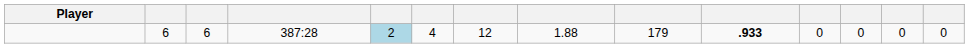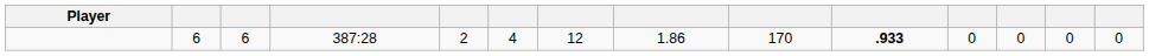 <table class="wikitable sortable" style="width:100%; text-align:center;">
 <tr style="text-align:center; background:#ddd;">
 <th>Player</th>
 <th></th>
 <th></th>
 <th></th>
 <th></th>
 <th></th>
 <th></th>
 <th></th>
 <th></th>
 <th></th>
 <th></th>
 <th></th>
 <th></th>
 <th></th>
 </tr>
 <tr>
 <td></td>
 <td>6</td>
 <td>6</td>
 <td>387:28</td>
-<td style="background: lightblue;">2</td>
+<td>2</td>
 <td>4</td>
 <td>12</td>
-<td>1.88</td>
-<td>179</td>
+<td>1.86</td>
+<td>170</td>
 <td><strong>.933</strong></td>
 <td>0</td>
 <td>0</td>
 <td>0</td>
 <td>0</td>
 </tr>
 </table>
